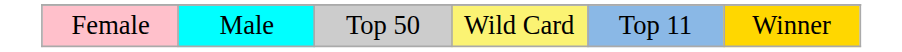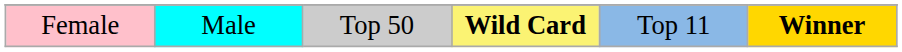 <table class="wikitable" style="margin:1em auto; text-align:center;">
 <tr>
 </tr>
 <tr>
 <td style="background:pink;" width="15%">Female</td>
 <td style="background:cyan;" width="15%">Male</td>
 <td style="background:#CCCCCC;" width="15%">Top 50</td>
-<td style="background:#FBF373;" width="15%">Wild Card</td>
+<td style="background:#FBF373;" width="15%"><strong>Wild Card</strong></td>
 <td style="background:#8AB8E6" width="15%">Top 11</td>
-<td style="background:gold;" width="15%">Winner</td>
+<td style="background:gold;" width="15%"><strong>Winner</strong></td>
 </tr>
 </table>
